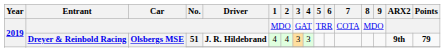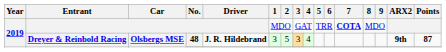 <table class="wikitable" border="1" style="text-align:center; font-size:90%;">
 <tr valign="top">
 <th>Year</th>
 <th>Entrant</th>
 <th>Car</th>
 <th>No.</th>
 <th>Driver</th>
 <th>1</th>
 <th>2</th>
 <th>3</th>
 <th>4</th>
 <th>5</th>
 <th>6</th>
 <th>7</th>
 <th>8</th>
 <th>9</th>
 <th>ARX2</th>
 <th>Points</th>
 </tr>
 <tr>
 <th rowspan=9><a href='#'>2019</a></th>
 <th colspan=4></th>
 <td colspan=2><a href='#'>MDO</a></td>
 <td colspan=2><a href='#'>GAT</a></td>
 <td colspan=2><a href='#'>TRR</a></td>
-<td><a href='#'>COTA</a></td>
+<td><strong><a href='#'>COTA</a></strong></td>
 <td colspan=2><a href='#'>MDO</a></td>
 <th colspan=12></th>
 </tr>
 <tr>
 <th rowspan=6><a href='#'>Dreyer & Reinbold Racing</a></th>
 <th rowspan=6><a href='#'>Olsbergs MSE</a></th>
-<th>51</th>
+<th>48</th>
 <td align="left"> <strong>J. R. Hildebrand</strong></td>
+<td style="background:#DFFFDF;">3</td>
+<td style="background:#DFFFDF;">5</td>
+<td style="background:#FFDF9F;">3</td>
 <td style="background:#DFFFDF;">4</td>
-<td style="background:#DFFFDF;">4</td>
-<td style="background:#FFDF9F;">3</td>
-<td style="background:#DFFFDF;">3</td>
 <td></td>
 <td></td>
 <td></td>
 <td></td>
 <td></td>
 <td><strong>9th</strong></td>
-<td><strong>79</strong></td>
+<td><strong>87</strong></td>
 </tr>
 <tr>
 </tr>
 </table>
